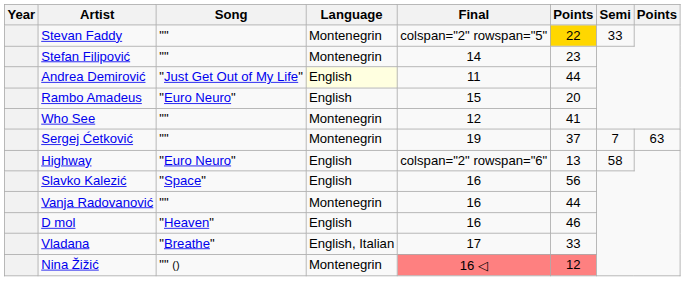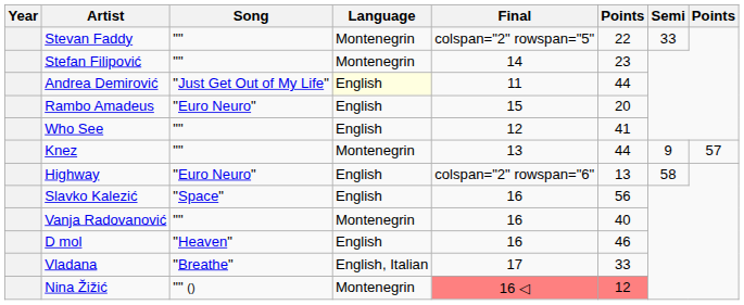 <table class="wikitable sortable plainrowheaders">
 <tr>
 <th scope="col">Year</th>
 <th scope="col">Artist</th>
 <th scope="col">Song</th>
 <th scope="col">Language</th>
 <th scope="col" data-sort-type="number">Final</th>
 <th scope="col" data-sort-type="number">Points</th>
 <th scope="col" data-sort-type="number">Semi</th>
 <th scope="col" data-sort-type="number">Points</th>
 </tr>
 <tr>
 <th scope="row" style="text-align:center;"></th>
 <td><a href='#'>Stevan Faddy</a></td>
 <td><span>"</span>" </td>
 <td>Montenegrin</td>
 <td>colspan="2" rowspan="5" </td>
-<td style="background: gold; text-align:center;">22</td>
+<td style="text-align:center;">22</td>
 <td style="text-align:center;">33</td>
 </tr>
 <tr>
 <th scope="row" style="text-align:center;"></th>
 <td><a href='#'>Stefan Filipović</a></td>
 <td>"" </td>
 <td>Montenegrin</td>
 <td style="text-align:center;">14</td>
 <td style="text-align:center;">23</td>
 </tr>
 <tr>
 <th scope="row" style="text-align:center;"></th>
 <td><a href='#'>Andrea Demirović</a></td>
 <td>"<a href='#'>Just Get Out of My Life</a>"</td>
 <td style="background: lightyellow;">English</td>
 <td style="text-align:center;">11</td>
 <td style="text-align:center;">44</td>
 </tr>
 <tr>
 <th scope="row" style="text-align:center;"></th>
 <td><a href='#'>Rambo Amadeus</a></td>
 <td>"<a href='#'>Euro Neuro</a>"</td>
 <td>English</td>
 <td style="text-align:center;">15</td>
 <td style="text-align:center;">20</td>
 </tr>
 <tr>
 <th scope="row" style="text-align:center;"></th>
 <td><a href='#'>Who See</a></td>
 <td>"" </td>
-<td>Montenegrin</td>
+<td>English</td>
 <td style="text-align:center;">12</td>
 <td style="text-align:center;">41</td>
 </tr>
 <tr>
 <th scope="row" style="text-align:center;"></th>
-<td><a href='#'>Sergej Ćetković</a></td>
+<td><a href='#'>Knez</a></td>
 <td>"" </td>
 <td>Montenegrin</td>
-<td style="text-align:center;">19</td>
-<td style="text-align:center;">37</td>
-<td style="text-align:center;">7</td>
-<td style="text-align:center;">63</td>
+<td style="text-align:center;">13</td>
+<td style="text-align:center;">44</td>
+<td style="text-align:center;">9</td>
+<td style="text-align:center;">57</td>
 </tr>
 <tr>
 <th scope="row" style="text-align:center;"></th>
 <td><a href='#'>Highway</a></td>
 <td>"<a href='#'>Euro Neuro</a>"</td>
 <td>English</td>
 <td>colspan="2" rowspan="6" </td>
 <td style="text-align:center;">13</td>
 <td style="text-align:center;">58</td>
 </tr>
 <tr>
 <th scope="row" style="text-align:center;"></th>
 <td><a href='#'>Slavko Kalezić</a></td>
 <td>"<a href='#'>Space</a>"</td>
 <td>English</td>
 <td style="text-align:center;">16</td>
 <td style="text-align:center;">56</td>
 </tr>
 <tr>
 <th scope="row" style="text-align:center;"></th>
 <td><a href='#'>Vanja Radovanović</a></td>
 <td>"" </td>
 <td>Montenegrin</td>
 <td style="text-align:center;">16</td>
-<td style="text-align:center;">44</td>
+<td style="text-align:center;">40</td>
 </tr>
 <tr>
 <th scope="row" style="text-align:center;"></th>
 <td><a href='#'>D mol</a></td>
 <td>"<a href='#'>Heaven</a>"</td>
 <td>English</td>
 <td style="text-align:center;">16</td>
 <td style="text-align:center;">46</td>
 </tr>
 <tr>
 <th scope="row" style="text-align:center;"></th>
 <td><a href='#'>Vladana</a></td>
 <td>"<a href='#'>Breathe</a>"</td>
 <td>English, Italian</td>
 <td style="text-align:center;">17</td>
 <td style="text-align:center;">33</td>
 </tr>
 <tr>
 <th scope="row" style="text-align:center;"></th>
 <td><a href='#'>Nina Žižić</a></td>
 <td>"" <small>()</small></td>
 <td>Montenegrin</td>
 <td style="text-align:center; background-color:#FE8080;">16 ◁</td>
 <td style="text-align:center; background-color:#FE8080;">12</td>
 </tr>
 </table>
